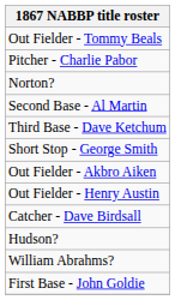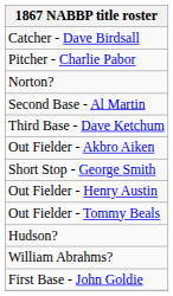 <table class="wikitable">
 <tr>
 <th>1867 NABBP title roster</th>
 </tr>
 <tr>
-<td>Out Fielder - <a href='#'>Tommy Beals</a></td>
+<td>Catcher - <a href='#'>Dave Birdsall</a></td>
 </tr>
 <tr>
 <td>Pitcher - <a href='#'>Charlie Pabor</a></td>
 </tr>
 <tr>
 <td>Norton?</td>
 </tr>
 <tr>
 <td>Second Base - <a href='#'>Al Martin</a></td>
 </tr>
 <tr>
 <td>Third Base - <a href='#'>Dave Ketchum</a></td>
 </tr>
 <tr>
-<td>Short Stop - <a href='#'>George Smith</a></td>
+<td>Out Fielder - <a href='#'>Akbro Aiken</a></td>
 </tr>
 <tr>
-<td>Out Fielder - <a href='#'>Akbro Aiken</a></td>
+<td>Short Stop - <a href='#'>George Smith</a></td>
 </tr>
 <tr>
 <td>Out Fielder - <a href='#'>Henry Austin</a></td>
 </tr>
 <tr>
-<td>Catcher - <a href='#'>Dave Birdsall</a></td>
+<td>Out Fielder - <a href='#'>Tommy Beals</a></td>
 </tr>
 <tr>
 <td>Hudson?</td>
 </tr>
 <tr>
 <td>William Abrahms?</td>
 </tr>
 <tr>
 <td>First Base - <a href='#'>John Goldie</a></td>
 </tr>
 <tr>
 </tr>
 </table>
